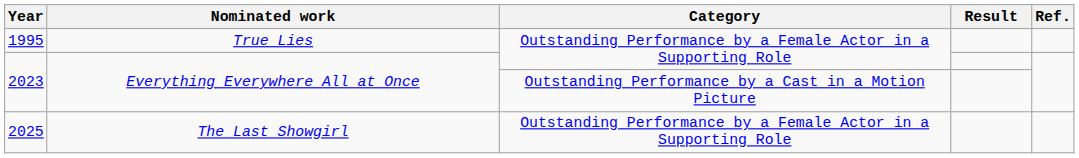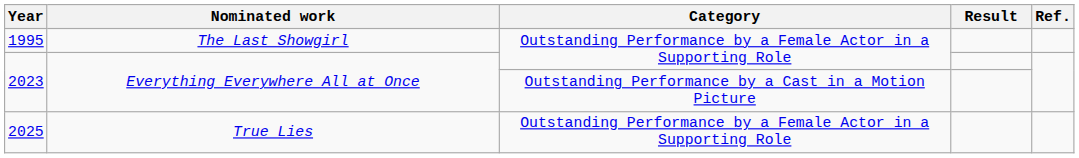 <table class="wikitable">
 <tr>
 <th scope="col" style="width:1em;">Year</th>
 <th scope="col" style="width:30em;">Nominated work</th>
 <th scope="col" style="width:30em;">Category</th>
 <th scope="col" style="width:5em;">Result</th>
 <th scope="col" style="width:1em;">Ref.</th>
 </tr>
 <tr>
 <td align="center"><a href='#'>1995</a></td>
-<td align="center"><em><a href='#'>True Lies</a></em></td>
+<td align="center"><em><a href='#'>The Last Showgirl</a></em></td>
 <td rowspan="2" align="center"><a href='#'>Outstanding Performance by a Female Actor in a Supporting Role</a></td>
 <td></td>
 <td align="center"></td>
 </tr>
 <tr>
 <td rowspan="2" align="center"><a href='#'>2023</a></td>
 <td rowspan="2" align="center"><em><a href='#'>Everything Everywhere All at Once</a></em></td>
 <td></td>
 <td rowspan="2" align="center"></td>
 </tr>
 <tr>
 <td align="center"><a href='#'>Outstanding Performance by a Cast in a Motion Picture</a></td>
 <td></td>
 </tr>
 <tr>
 <td align="center"><a href='#'>2025</a></td>
-<td align="center"><em><a href='#'>The Last Showgirl</a></em></td>
+<td align="center"><em><a href='#'>True Lies</a></em></td>
 <td align="center"><a href='#'>Outstanding Performance by a Female Actor in a Supporting Role</a></td>
 <td></td>
 <td align="center"></td>
 </tr>
 </table>
